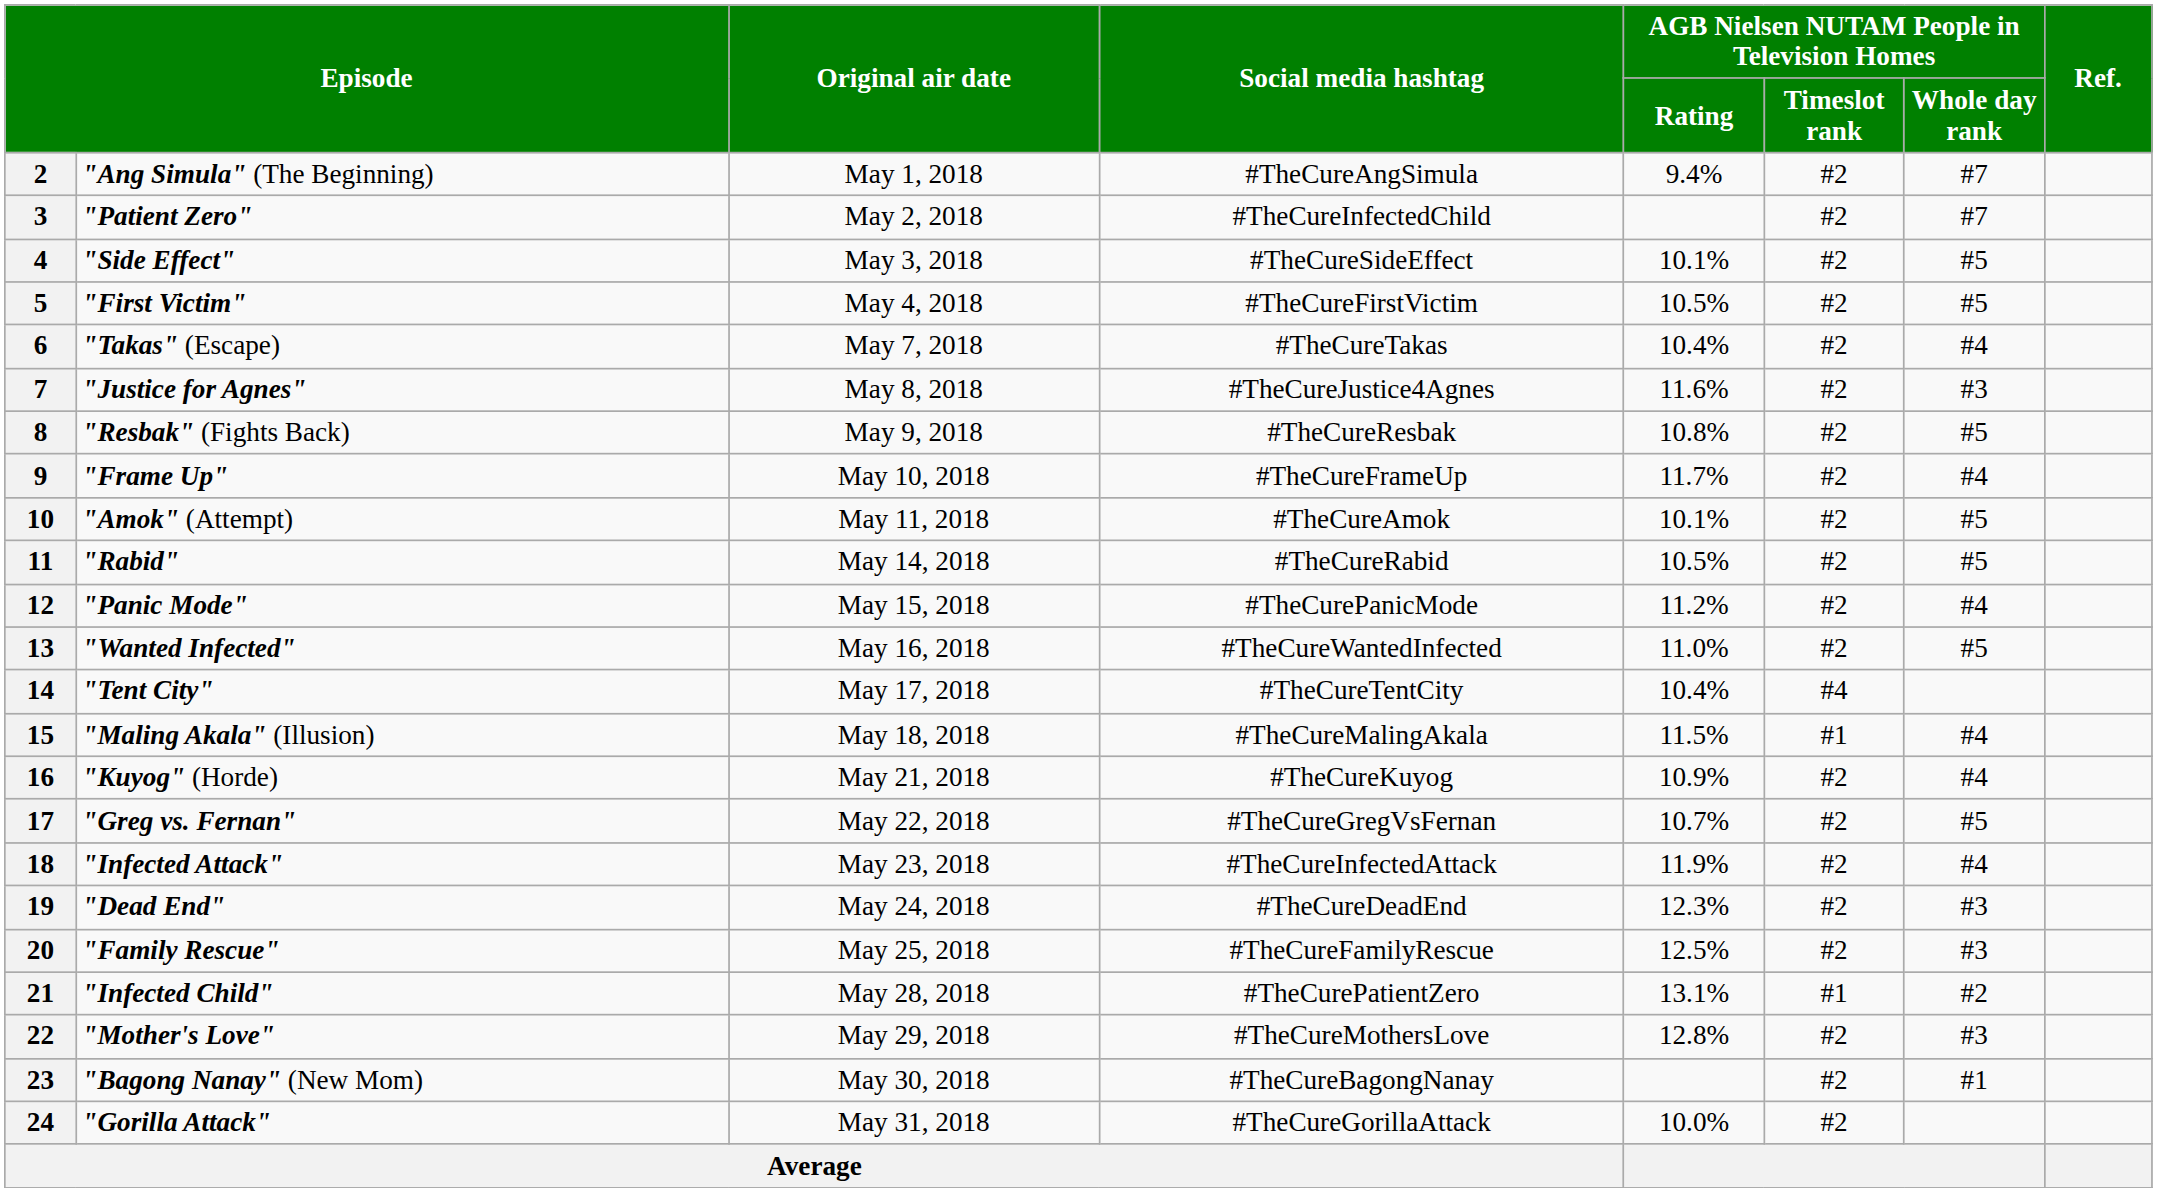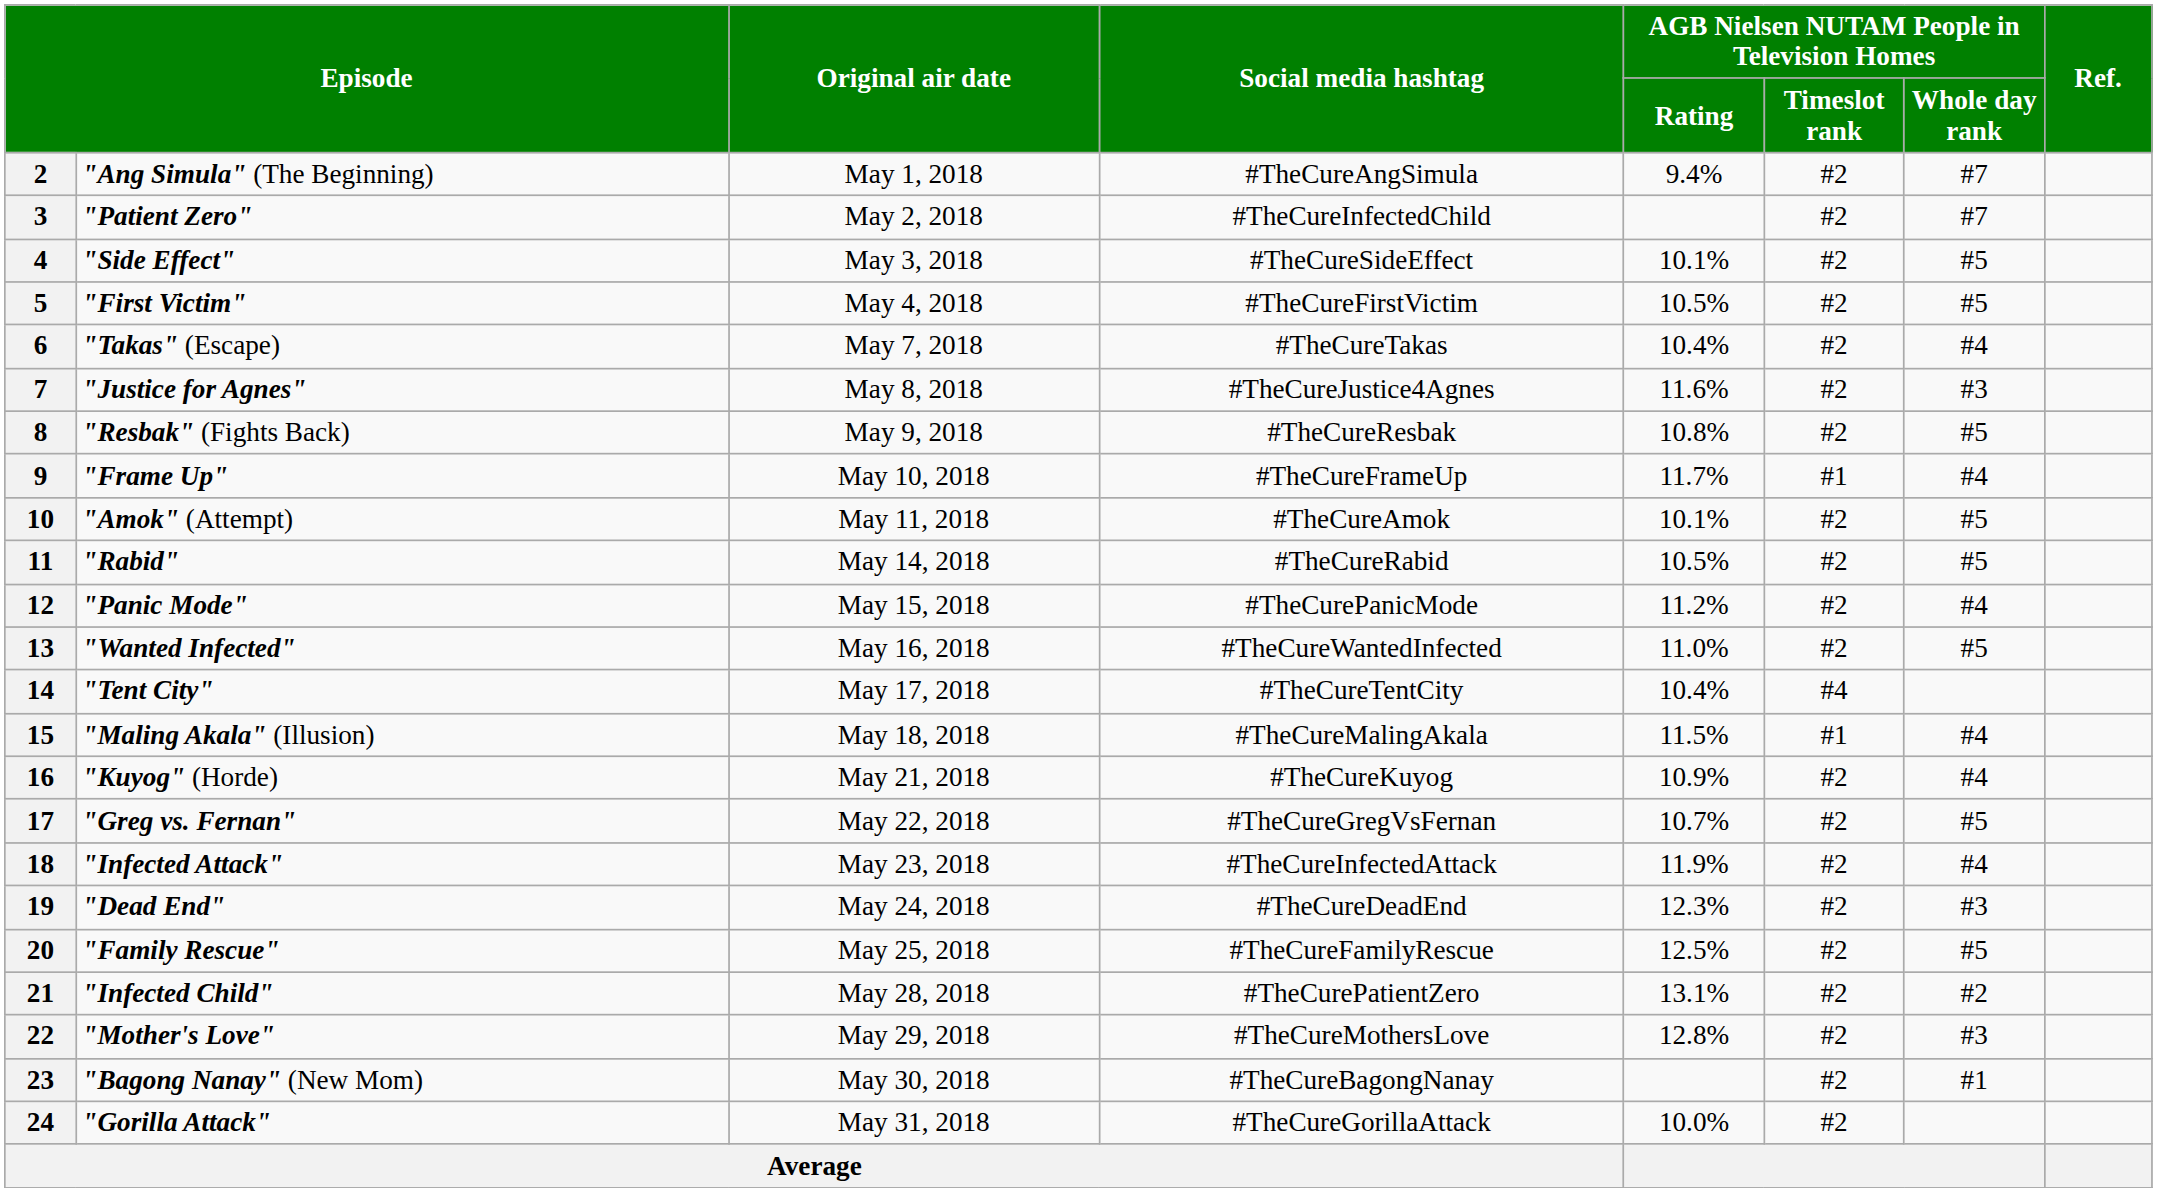 <table class="wikitable" style="text-align:center; font-size:100%; line-height:18px;" width="100%">
 <tr>
 <th style="background-color:#008000; color:#ffffff;" colspan="2" rowspan="2">Episode</th>
 <th style="background-color:#008000; color:white" rowspan="2">Original air date</th>
 <th style="background-color:#008000; color:white" rowspan="2">Social media hashtag</th>
 <th style="background-color:#008000; color:#ffffff;" colspan="3">AGB Nielsen NUTAM People in Television Homes</th>
 <th style="background-color:#008000;  color:#ffffff;" rowspan="2">Ref.</th>
 </tr>
 <tr>
 <th style="background-color:#008000; width:75px; color:#ffffff;">Rating</th>
 <th style="background-color:#008000; width:75px; color:#ffffff;">Timeslot<br>rank</th>
 <th style="background-color:#008000; width:75px; color:#ffffff;">Whole day<br>rank</th>
 </tr>
 <tr>
 <th>2</th>
 <td style="text-align: left;"><strong><em>"Ang Simula"</em></strong> (The Beginning)</td>
 <td>May 1, 2018</td>
 <td>#TheCureAngSimula</td>
 <td>9.4%</td>
 <td>#2</td>
 <td>#7</td>
 <td></td>
 </tr>
 <tr>
 <th>3</th>
 <td style="text-align: left;"><strong><em>"Patient Zero"</em></strong></td>
 <td>May 2, 2018</td>
 <td>#TheCureInfectedChild</td>
 <td></td>
 <td>#2</td>
 <td>#7</td>
 <td></td>
 </tr>
 <tr>
 <th>4</th>
 <td style="text-align: left;"><strong><em>"Side Effect"</em></strong></td>
 <td>May 3, 2018</td>
 <td>#TheCureSideEffect</td>
 <td>10.1%</td>
 <td>#2</td>
 <td>#5</td>
 <td></td>
 </tr>
 <tr>
 <th>5</th>
 <td style="text-align: left;"><strong><em>"First Victim"</em></strong></td>
 <td>May 4, 2018</td>
 <td>#TheCureFirstVictim</td>
 <td>10.5%</td>
 <td>#2</td>
 <td>#5</td>
 <td></td>
 </tr>
 <tr>
 <th>6</th>
 <td style="text-align: left;"><strong><em>"Takas"</em></strong> (Escape)</td>
 <td>May 7, 2018</td>
 <td>#TheCureTakas</td>
 <td>10.4%</td>
 <td>#2</td>
 <td>#4</td>
 <td></td>
 </tr>
 <tr>
 <th>7</th>
 <td style="text-align: left;"><strong><em>"Justice for Agnes"</em></strong></td>
 <td>May 8, 2018</td>
 <td>#TheCureJustice4Agnes</td>
 <td>11.6%</td>
 <td>#2</td>
 <td>#3</td>
 <td></td>
 </tr>
 <tr>
 <th>8</th>
 <td style="text-align: left;"><strong><em>"Resbak"</em></strong> (Fights Back)</td>
 <td>May 9, 2018</td>
 <td>#TheCureResbak</td>
 <td>10.8%</td>
 <td>#2</td>
 <td>#5</td>
 <td></td>
 </tr>
 <tr>
 <th>9</th>
 <td style="text-align: left;"><strong><em>"Frame Up"</em></strong></td>
 <td>May 10, 2018</td>
 <td>#TheCureFrameUp</td>
 <td>11.7%</td>
-<td>#2</td>
+<td>#1</td>
 <td>#4</td>
 <td></td>
 </tr>
 <tr>
 <th>10</th>
 <td style="text-align: left;"><strong><em>"Amok"</em></strong> (Attempt)</td>
 <td>May 11, 2018</td>
 <td>#TheCureAmok</td>
 <td>10.1%</td>
 <td>#2</td>
 <td>#5</td>
 <td></td>
 </tr>
 <tr>
 <th>11</th>
 <td style="text-align: left;"><strong><em>"Rabid"</em></strong></td>
 <td>May 14, 2018</td>
 <td>#TheCureRabid</td>
 <td>10.5%</td>
 <td>#2</td>
 <td>#5</td>
 <td></td>
 </tr>
 <tr>
 <th>12</th>
 <td style="text-align: left;"><strong><em>"Panic Mode"</em></strong></td>
 <td>May 15, 2018</td>
 <td>#TheCurePanicMode</td>
 <td>11.2%</td>
 <td>#2</td>
 <td>#4</td>
 <td></td>
 </tr>
 <tr>
 <th>13</th>
 <td style="text-align: left;"><strong><em>"Wanted Infected"</em></strong></td>
 <td>May 16, 2018</td>
 <td>#TheCureWantedInfected</td>
 <td>11.0%</td>
 <td>#2</td>
 <td>#5</td>
 <td></td>
 </tr>
 <tr>
 <th>14</th>
 <td style="text-align: left;"><strong><em>"Tent City"</em></strong></td>
 <td>May 17, 2018</td>
 <td>#TheCureTentCity</td>
 <td>10.4%</td>
 <td>#4</td>
 <td></td>
 <td></td>
 </tr>
 <tr>
 <th>15</th>
 <td style="text-align: left;"><strong><em>"Maling Akala"</em></strong> (Illusion)</td>
 <td>May 18, 2018</td>
 <td>#TheCureMalingAkala</td>
 <td>11.5%</td>
 <td>#1</td>
 <td>#4</td>
 <td></td>
 </tr>
 <tr>
 <th>16</th>
 <td style="text-align: left;"><strong><em>"Kuyog"</em></strong> (Horde)</td>
 <td>May 21, 2018</td>
 <td>#TheCureKuyog</td>
 <td>10.9%</td>
 <td>#2</td>
 <td>#4</td>
 <td></td>
 </tr>
 <tr>
 <th>17</th>
 <td style="text-align: left;"><strong><em>"Greg vs. Fernan"</em></strong></td>
 <td>May 22, 2018</td>
 <td>#TheCureGregVsFernan</td>
 <td>10.7%</td>
 <td>#2</td>
 <td>#5</td>
 <td></td>
 </tr>
 <tr>
 <th>18</th>
 <td style="text-align: left;"><strong><em>"Infected Attack"</em></strong></td>
 <td>May 23, 2018</td>
 <td>#TheCureInfectedAttack</td>
 <td>11.9%</td>
 <td>#2</td>
 <td>#4</td>
 <td></td>
 </tr>
 <tr>
 <th>19</th>
 <td style="text-align: left;"><strong><em>"Dead End"</em></strong></td>
 <td>May 24, 2018</td>
 <td>#TheCureDeadEnd</td>
 <td>12.3%</td>
 <td>#2</td>
 <td>#3</td>
 <td></td>
 </tr>
 <tr>
 <th>20</th>
 <td style="text-align: left;"><strong><em>"Family Rescue"</em></strong></td>
 <td>May 25, 2018</td>
 <td>#TheCureFamilyRescue</td>
 <td>12.5%</td>
 <td>#2</td>
-<td>#3</td>
+<td>#5</td>
 <td></td>
 </tr>
 <tr>
 <th>21</th>
 <td style="text-align: left;"><strong><em>"Infected Child"</em></strong></td>
 <td>May 28, 2018</td>
 <td>#TheCurePatientZero</td>
 <td>13.1%</td>
-<td>#1</td>
+<td>#2</td>
 <td>#2</td>
 <td></td>
 </tr>
 <tr>
 <th>22</th>
 <td style="text-align: left;"><strong><em>"Mother's Love"</em></strong></td>
 <td>May 29, 2018</td>
 <td>#TheCureMothersLove</td>
 <td>12.8%</td>
 <td>#2</td>
 <td>#3</td>
 <td></td>
 </tr>
 <tr>
 <th>23</th>
 <td style="text-align: left;"><strong><em>"Bagong Nanay"</em></strong> (New Mom)</td>
 <td>May 30, 2018</td>
 <td>#TheCureBagongNanay</td>
 <td></td>
 <td>#2</td>
 <td>#1</td>
 <td></td>
 </tr>
 <tr>
 <th>24</th>
 <td style="text-align: left;"><strong><em>"Gorilla Attack"</em></strong></td>
 <td>May 31, 2018</td>
 <td>#TheCureGorillaAttack</td>
 <td>10.0%</td>
 <td>#2</td>
 <td></td>
 <td></td>
 </tr>
 <tr>
 <th colspan="4">Average</th>
 <th colspan="3"></th>
 <th></th>
 </tr>
 <tr>
 </tr>
 </table>
